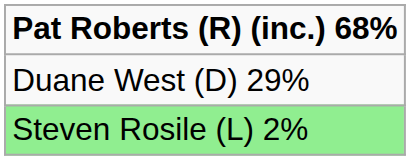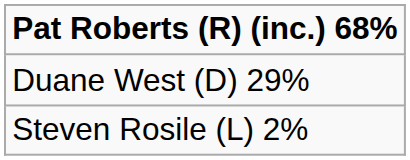 <table class="wikitable">
 <tr>
 <td><strong>Pat Roberts (R) (inc.) 68%</strong></td>
 </tr>
 <tr>
 <td>Duane West (D) 29%</td>
 </tr>
 <tr>
-<td style="background: lightgreen;">Steven Rosile (L) 2%</td>
+<td>Steven Rosile (L) 2%</td>
 </tr>
 </table>
